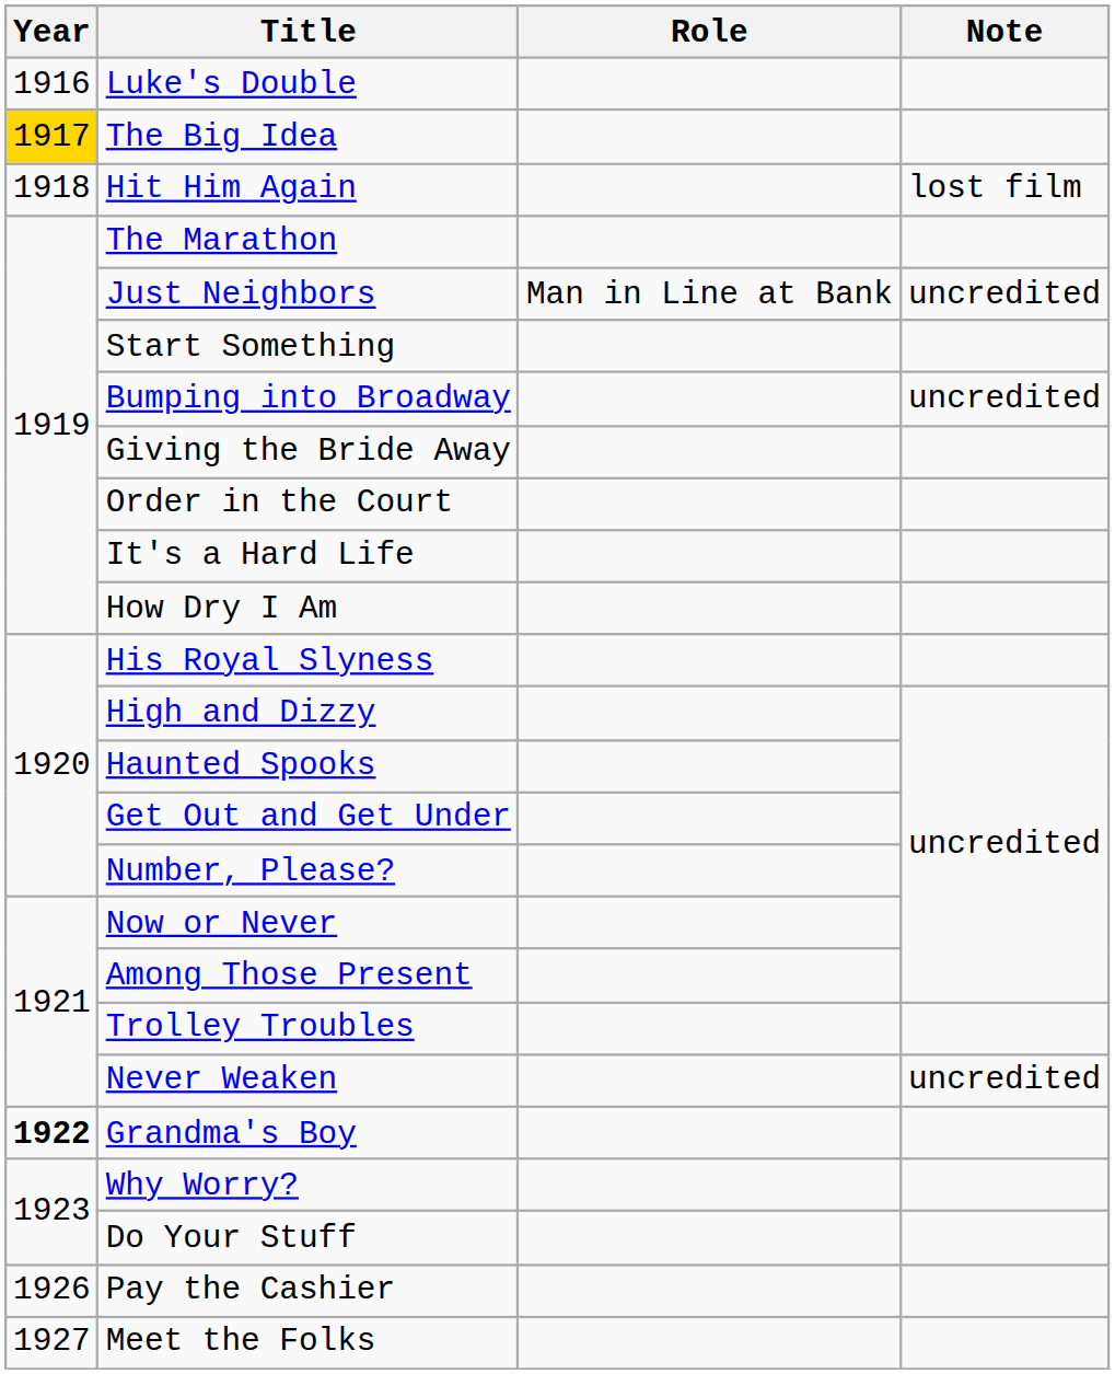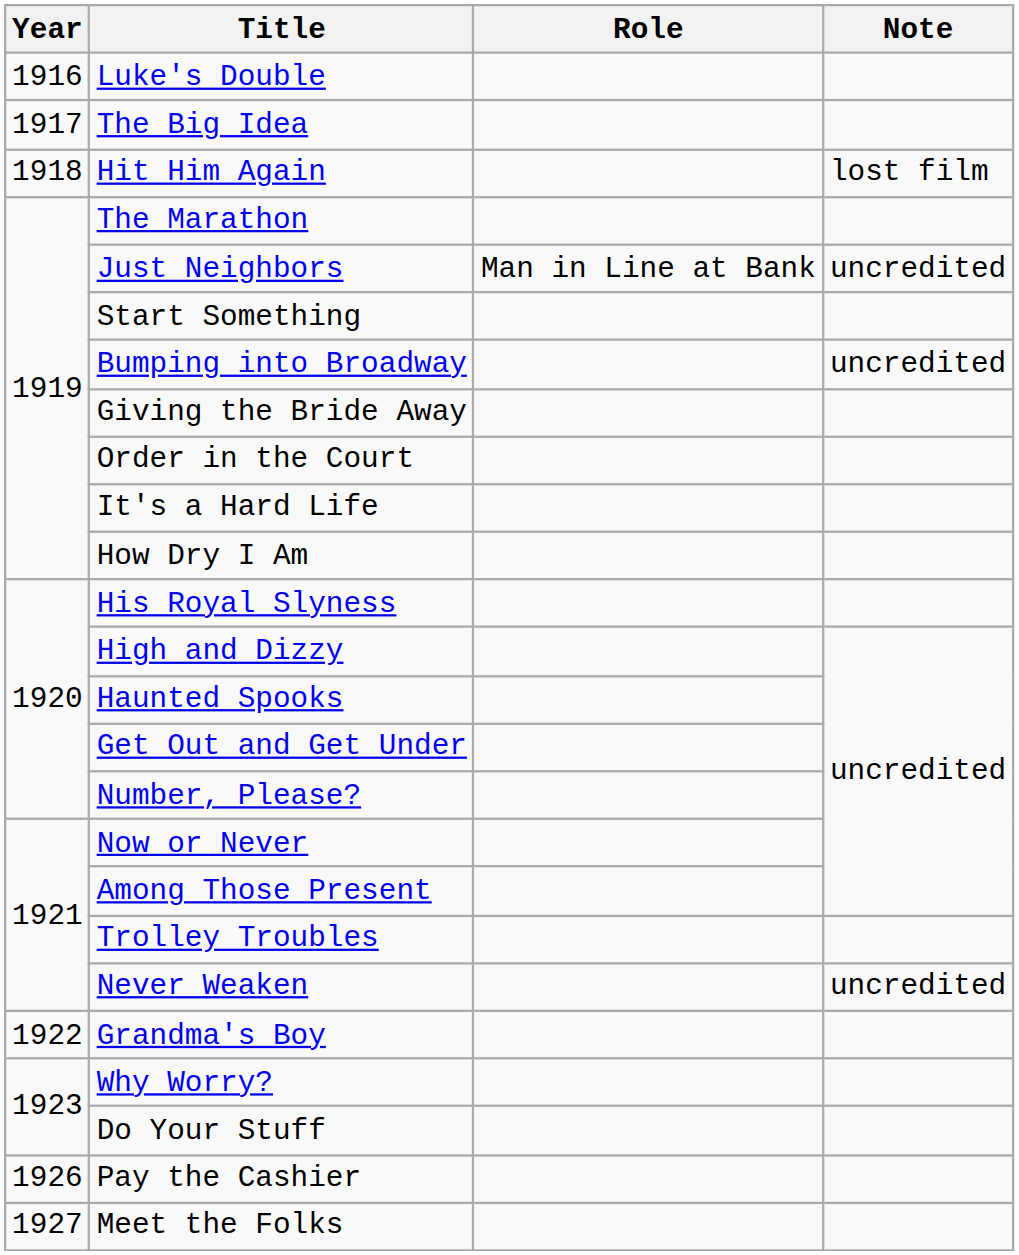 <table class="wikitable sortable">
 <tr>
 <th>Year</th>
 <th>Title</th>
 <th>Role</th>
 <th>Note</th>
 </tr>
 <tr>
 <td>1916</td>
 <td><a href='#'>Luke's Double</a></td>
 <td></td>
 <td></td>
 </tr>
 <tr>
-<td style="background: gold;">1917</td>
+<td>1917</td>
 <td><a href='#'>The Big Idea</a></td>
 <td></td>
 <td></td>
 </tr>
 <tr>
 <td>1918</td>
 <td><a href='#'>Hit Him Again</a></td>
 <td></td>
 <td>lost film</td>
 </tr>
 <tr>
 <td rowspan="8">1919</td>
 <td><a href='#'>The Marathon</a></td>
 <td></td>
 <td></td>
 </tr>
 <tr>
 <td><a href='#'>Just Neighbors</a></td>
 <td>Man in Line at Bank</td>
 <td>uncredited</td>
 </tr>
 <tr>
 <td>Start Something</td>
 <td></td>
 <td></td>
 </tr>
 <tr>
 <td><a href='#'>Bumping into Broadway</a></td>
 <td></td>
 <td>uncredited</td>
 </tr>
 <tr>
 <td>Giving the Bride Away</td>
 <td></td>
 <td></td>
 </tr>
 <tr>
 <td>Order in the Court</td>
 <td></td>
 <td></td>
 </tr>
 <tr>
 <td>It's a Hard Life</td>
 <td></td>
 <td></td>
 </tr>
 <tr>
 <td>How Dry I Am</td>
 <td></td>
 <td></td>
 </tr>
 <tr>
 <td rowspan="5">1920</td>
 <td><a href='#'>His Royal Slyness</a></td>
 <td></td>
 <td></td>
 </tr>
 <tr>
 <td><a href='#'>High and Dizzy</a></td>
 <td></td>
 <td rowspan="6">uncredited</td>
 </tr>
 <tr>
 <td><a href='#'>Haunted Spooks</a></td>
 <td></td>
 </tr>
 <tr>
 <td><a href='#'>Get Out and Get Under</a></td>
 <td></td>
 </tr>
 <tr>
 <td><a href='#'>Number, Please?</a></td>
 <td></td>
 </tr>
 <tr>
 <td rowspan="4">1921</td>
 <td><a href='#'>Now or Never</a></td>
 <td></td>
 </tr>
 <tr>
 <td><a href='#'>Among Those Present</a></td>
 <td></td>
 </tr>
 <tr>
 <td><a href='#'>Trolley Troubles</a></td>
 <td></td>
 <td></td>
 </tr>
 <tr>
 <td><a href='#'>Never Weaken</a></td>
 <td></td>
 <td>uncredited</td>
 </tr>
 <tr>
-<td><strong>1922</strong></td>
+<td>1922</td>
 <td><a href='#'>Grandma's Boy</a></td>
 <td></td>
 <td></td>
 </tr>
 <tr>
 <td rowspan="2">1923</td>
 <td><a href='#'>Why Worry?</a></td>
 <td></td>
 <td></td>
 </tr>
 <tr>
 <td>Do Your Stuff</td>
 <td></td>
 <td></td>
 </tr>
 <tr>
 <td>1926</td>
 <td>Pay the Cashier</td>
 <td></td>
 <td></td>
 </tr>
 <tr>
 <td>1927</td>
 <td>Meet the Folks</td>
 <td></td>
 <td></td>
 </tr>
 </table>
